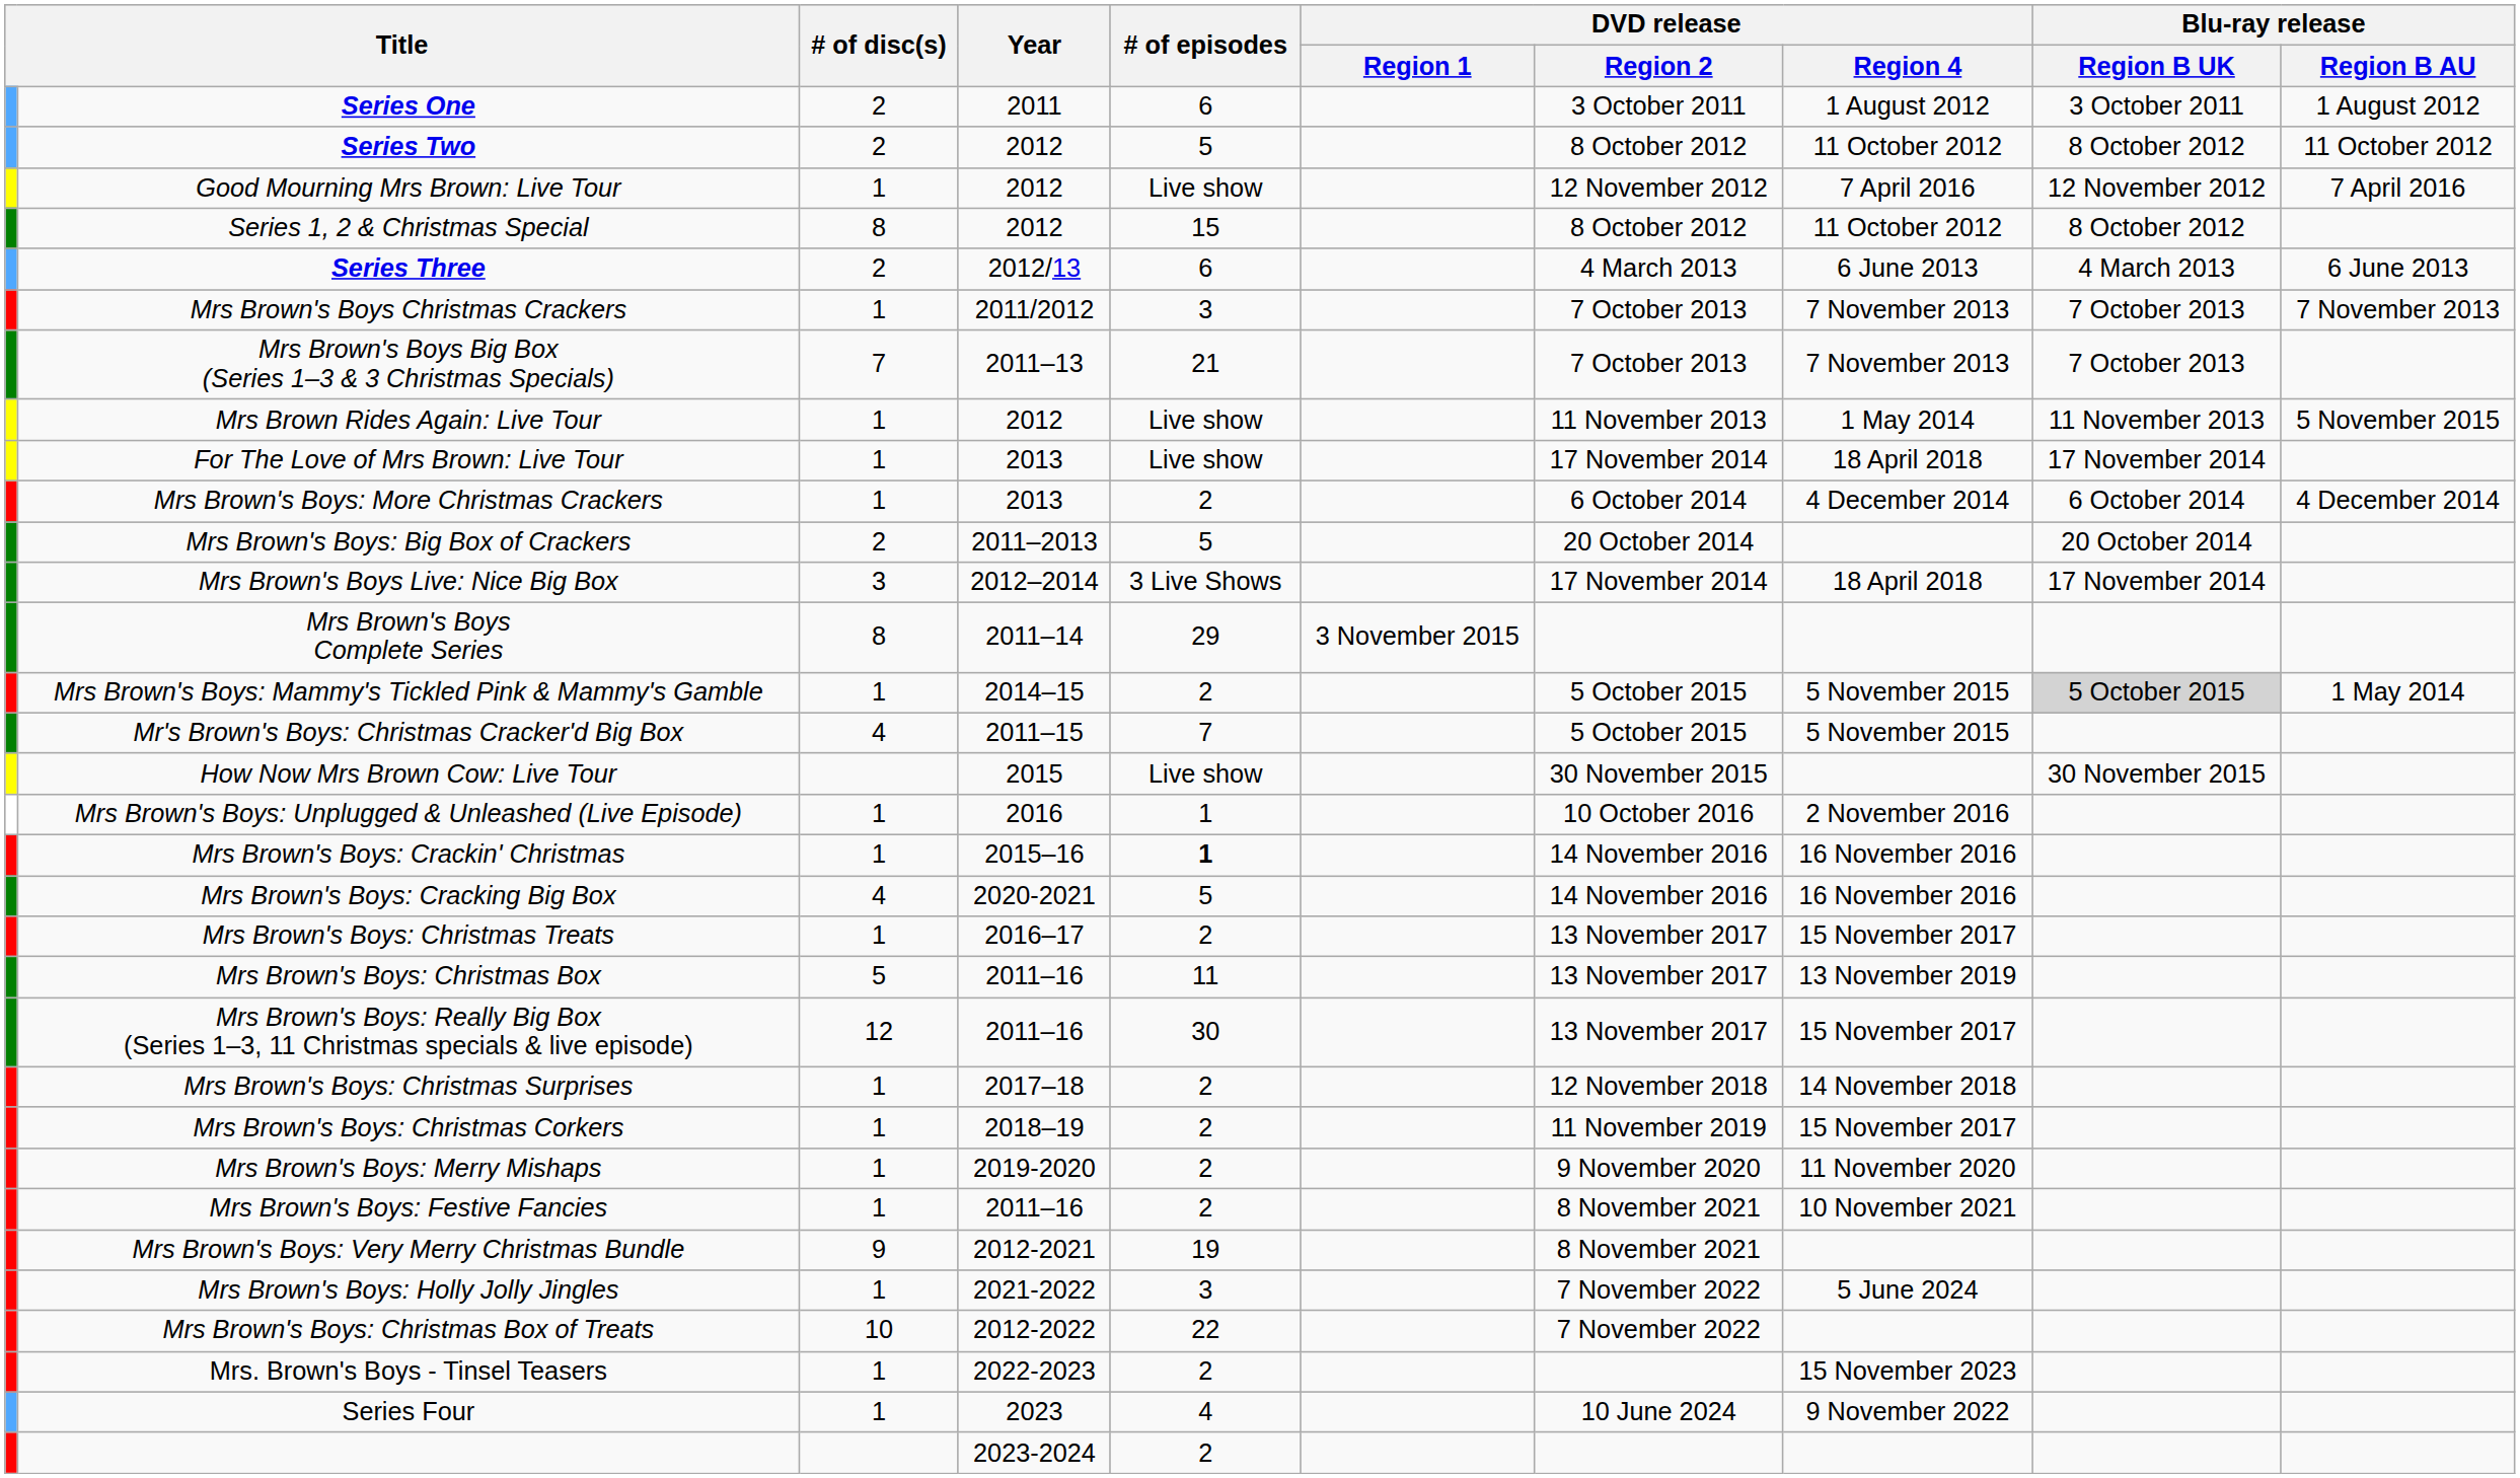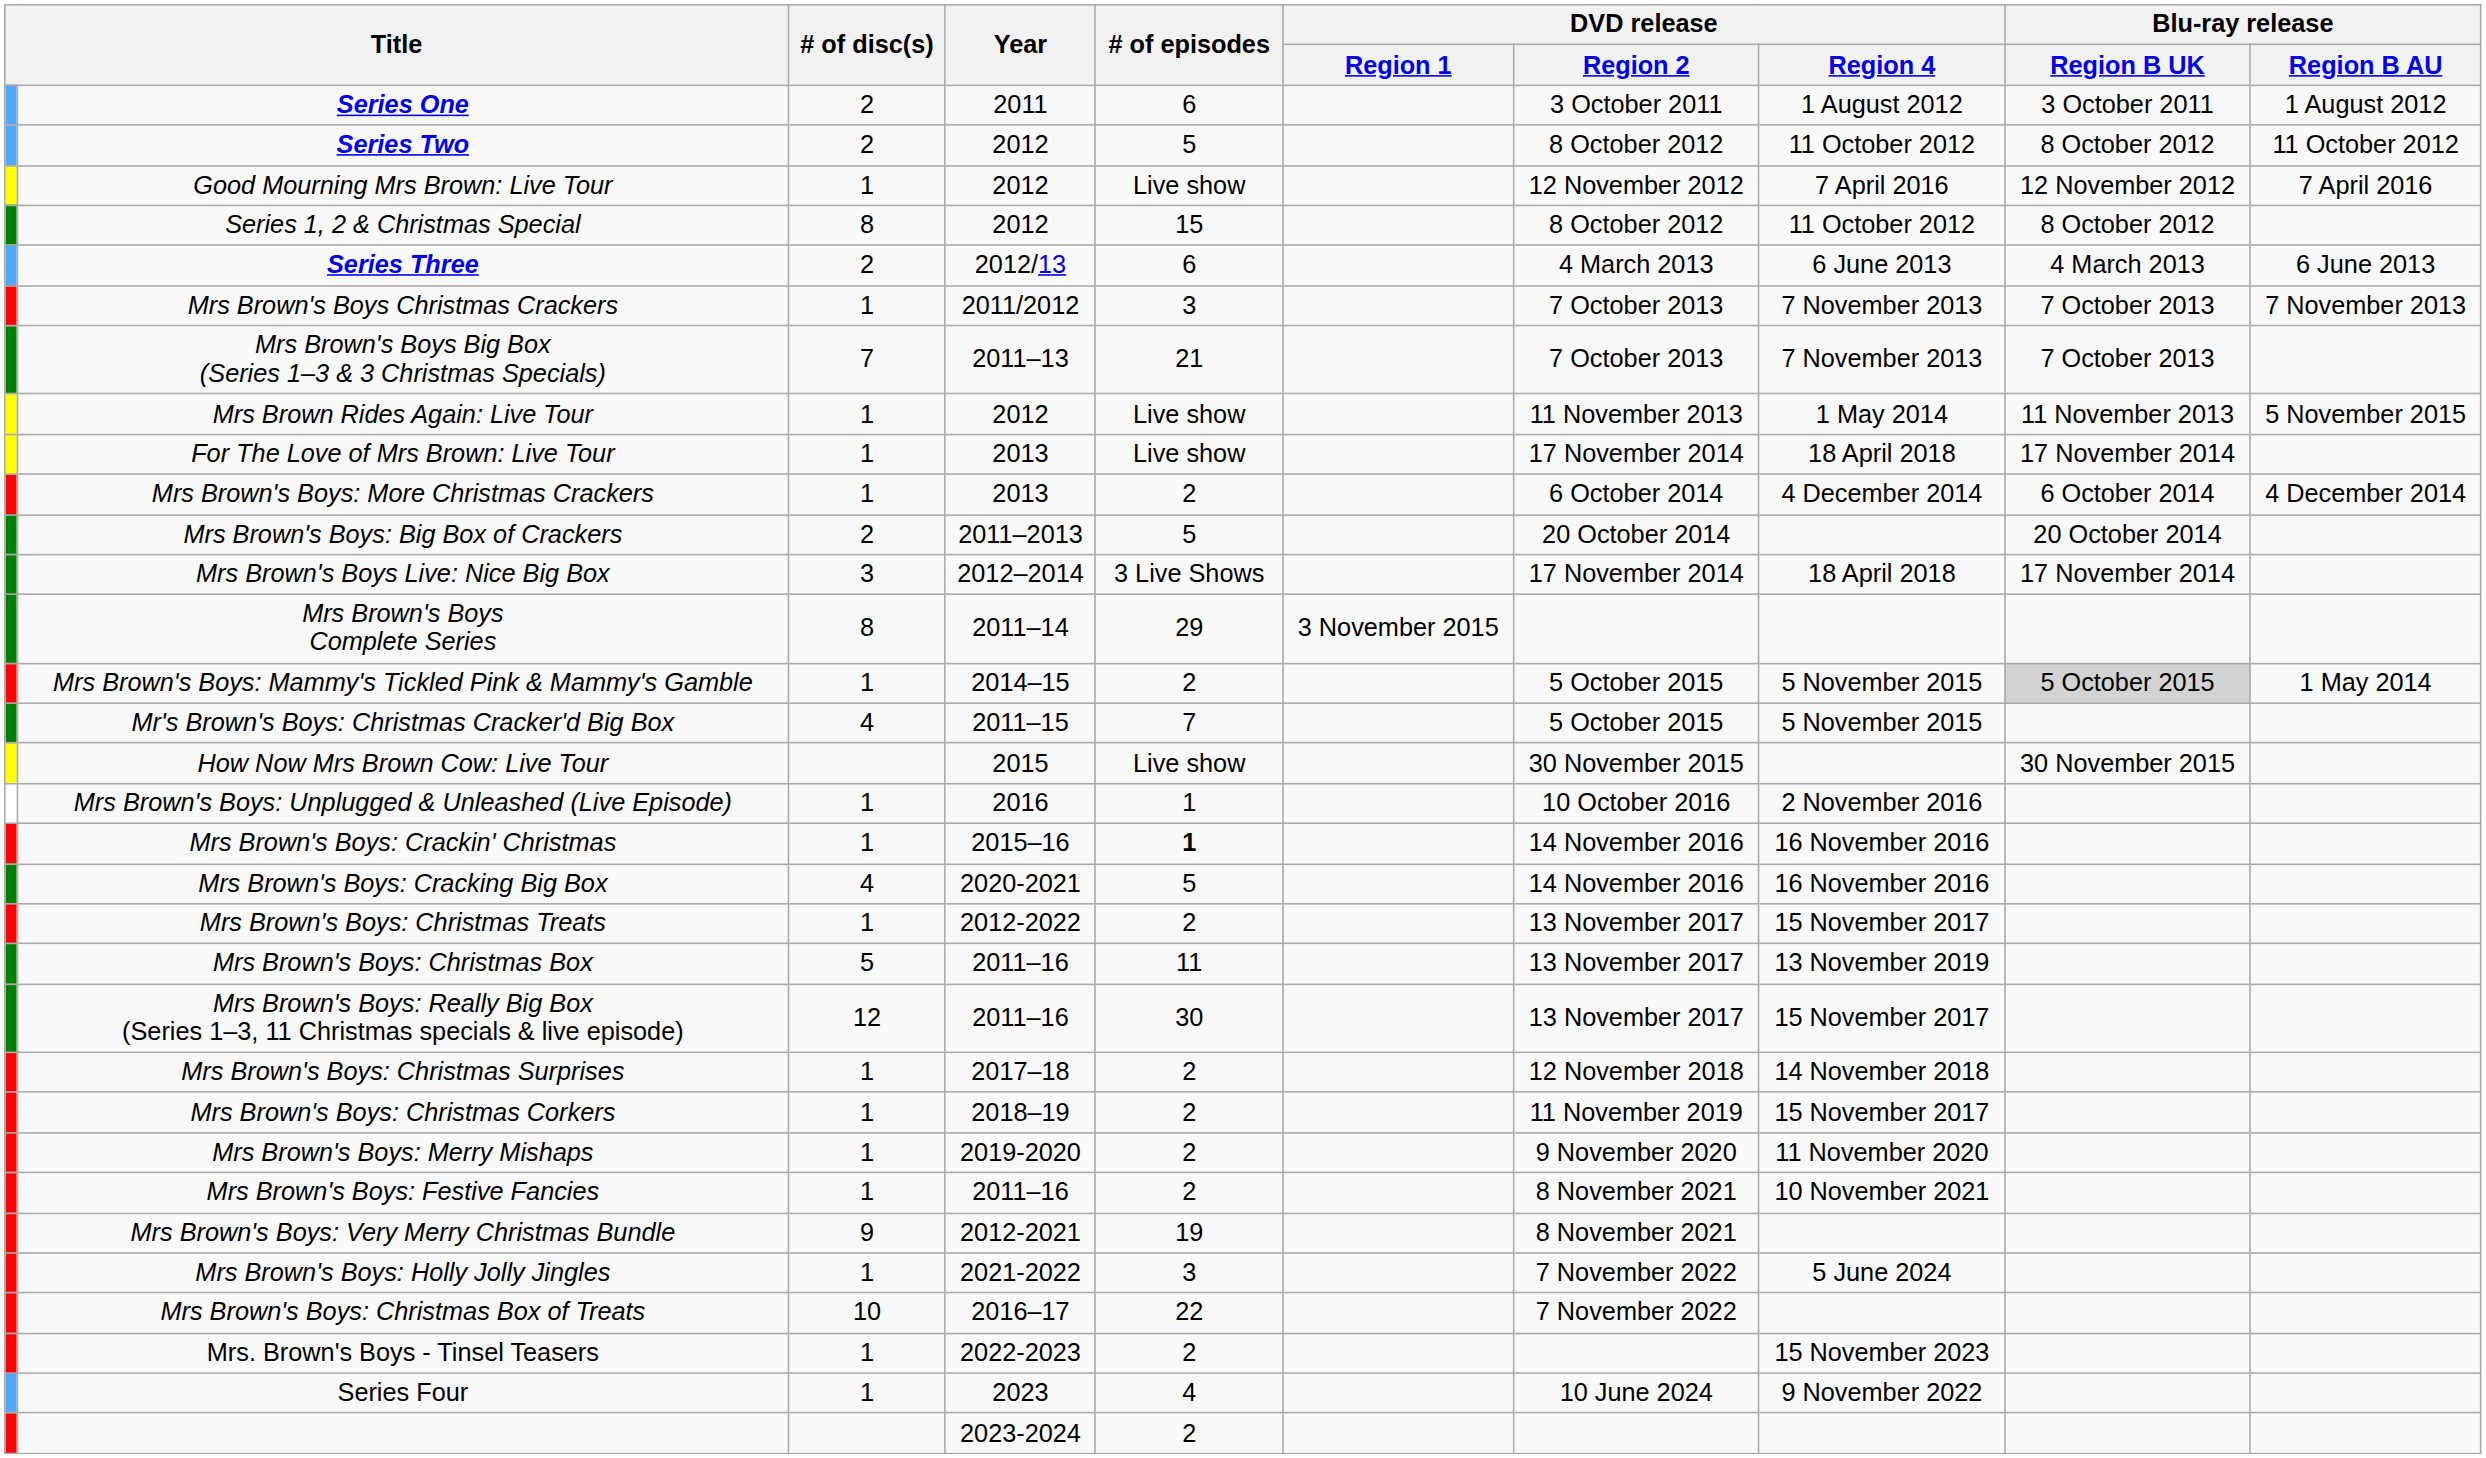 <table class="wikitable"  style="width:99%; left:0 auto; text-align:center;">
 <tr>
 <th colspan="2" rowspan="2">Title</th>
 <th rowspan="2"># of disc(s)</th>
 <th rowspan="2">Year</th>
 <th rowspan="2"># of episodes</th>
 <th colspan="3">DVD release</th>
 <th colspan="2">Blu-ray release</th>
 </tr>
 <tr>
 <th><a href='#'>Region 1</a></th>
 <th><a href='#'>Region 2</a></th>
 <th><a href='#'>Region 4</a></th>
 <th><a href='#'>Region B UK</a></th>
 <th><a href='#'>Region B AU</a></th>
 </tr>
 <tr>
 <td style="background:#4fa8ff;"></td>
 <td><strong><em><a href='#'>Series One</a></em></strong></td>
 <td>2</td>
 <td>2011</td>
 <td>6</td>
 <td></td>
 <td>3 October 2011</td>
 <td>1 August 2012</td>
 <td>3 October 2011</td>
 <td>1 August 2012</td>
 </tr>
 <tr>
 <td style="background:#4fa8ff;"></td>
 <td><strong><em><a href='#'>Series Two</a></em></strong></td>
 <td>2</td>
 <td>2012</td>
 <td>5</td>
 <td></td>
 <td>8 October 2012</td>
 <td>11 October 2012</td>
 <td>8 October 2012</td>
 <td>11 October 2012 </td>
 </tr>
 <tr>
 <td style="background:yellow;"></td>
 <td><em>Good Mourning Mrs Brown: Live Tour</em></td>
 <td>1</td>
 <td>2012</td>
 <td>Live show</td>
 <td></td>
 <td>12 November 2012</td>
 <td>7 April 2016</td>
 <td>12 November 2012</td>
 <td>7 April 2016</td>
 </tr>
 <tr>
 <td style="background:green;"></td>
 <td><em>Series 1, 2 & Christmas Special</em></td>
 <td>8</td>
 <td>2012</td>
 <td>15</td>
 <td></td>
 <td>8 October 2012</td>
 <td>11 October 2012</td>
 <td>8 October 2012</td>
 <td></td>
 </tr>
 <tr>
 <td style="background:#4fa8ff;"></td>
 <td><strong><em><a href='#'>Series Three</a></em></strong></td>
 <td>2</td>
 <td>2012/<a href='#'>13</a></td>
 <td>6</td>
 <td></td>
 <td>4 March 2013</td>
 <td>6 June 2013</td>
 <td>4 March 2013</td>
 <td>6 June 2013</td>
 </tr>
 <tr>
 <td style="background:red;"></td>
 <td><em>Mrs Brown's Boys Christmas Crackers</em></td>
 <td>1</td>
 <td>2011/2012</td>
 <td>3</td>
 <td></td>
 <td>7 October 2013</td>
 <td>7 November 2013</td>
 <td>7 October 2013</td>
 <td>7 November 2013</td>
 </tr>
 <tr>
 <td style="background:green;"></td>
 <td><em>Mrs Brown's Boys Big Box<br>(Series 1–3 & 3 Christmas Specials)</em></td>
 <td>7</td>
 <td>2011–13</td>
 <td>21</td>
 <td></td>
 <td>7 October 2013</td>
 <td>7 November 2013</td>
 <td>7 October 2013</td>
 <td></td>
 </tr>
 <tr>
 <td style="background:yellow;"></td>
 <td><em>Mrs Brown Rides Again: Live Tour</em></td>
 <td>1</td>
 <td>2012</td>
 <td>Live show</td>
 <td></td>
 <td>11 November 2013</td>
 <td>1 May 2014</td>
 <td>11 November 2013</td>
 <td>5 November 2015</td>
 </tr>
 <tr>
 <td style="background:yellow;"></td>
 <td><em>For The Love of Mrs Brown: Live Tour</em></td>
 <td>1</td>
 <td>2013</td>
 <td>Live show</td>
 <td></td>
 <td>17 November 2014</td>
 <td>18 April 2018</td>
 <td>17 November 2014</td>
 <td></td>
 </tr>
 <tr>
 <td style="background:red;"></td>
 <td><em>Mrs Brown's Boys: More Christmas Crackers</em></td>
 <td>1</td>
 <td>2013</td>
 <td>2</td>
 <td></td>
 <td>6 October 2014</td>
 <td>4 December 2014</td>
 <td>6 October 2014</td>
 <td>4 December 2014</td>
 </tr>
 <tr>
 <td style="background:green;"></td>
 <td><em>Mrs Brown's Boys: Big Box of Crackers</em></td>
 <td>2</td>
 <td>2011–2013</td>
 <td>5</td>
 <td></td>
 <td>20 October 2014</td>
 <td></td>
 <td>20 October 2014</td>
 <td></td>
 </tr>
 <tr>
 <td style="background:green;"></td>
 <td><em>Mrs Brown's Boys Live: Nice Big Box</em></td>
 <td>3</td>
 <td>2012–2014</td>
 <td>3 Live Shows</td>
 <td></td>
 <td>17 November 2014</td>
 <td>18 April 2018</td>
 <td>17 November 2014</td>
 <td></td>
 </tr>
 <tr>
 <td style="background:green;"></td>
 <td><em>Mrs Brown's Boys<br>Complete Series</em></td>
 <td>8</td>
 <td>2011–14</td>
 <td>29</td>
 <td>3 November 2015</td>
 <td></td>
 <td></td>
 <td></td>
 <td></td>
 </tr>
 <tr>
 <td style="background:red;"></td>
 <td><em>Mrs Brown's Boys: Mammy's Tickled Pink & Mammy's Gamble</em></td>
 <td>1</td>
 <td>2014–15</td>
 <td>2</td>
 <td></td>
 <td>5 October 2015</td>
 <td>5 November 2015</td>
 <td style="background: lightgrey;">5 October 2015</td>
 <td>1 May 2014</td>
 </tr>
 <tr>
 <td style="background:green;"></td>
 <td><em>Mr's Brown's Boys: Christmas Cracker'd Big Box</em></td>
 <td>4</td>
 <td>2011–15</td>
 <td>7</td>
 <td></td>
 <td>5 October 2015</td>
 <td>5 November 2015</td>
 <td></td>
 <td></td>
 </tr>
 <tr>
 <td style="background:yellow;"></td>
 <td><em>How Now Mrs Brown Cow: Live Tour</em></td>
 <td></td>
 <td>2015</td>
 <td>Live show</td>
 <td></td>
 <td>30 November 2015</td>
 <td></td>
 <td>30 November 2015</td>
 <td></td>
 </tr>
 <tr>
 <td style="background:white;"></td>
 <td><em>Mrs Brown's Boys: Unplugged & Unleashed (Live Episode)</em></td>
 <td>1</td>
 <td>2016</td>
 <td>1</td>
 <td></td>
 <td>10 October 2016</td>
 <td>2 November 2016</td>
 <td></td>
 <td></td>
 </tr>
 <tr>
 <td style="background:red;"></td>
 <td><em>Mrs Brown's Boys: Crackin' Christmas</em></td>
 <td>1</td>
 <td>2015–16</td>
 <td><strong>1</strong></td>
 <td></td>
 <td>14 November 2016</td>
 <td>16 November 2016</td>
 <td></td>
 <td></td>
 </tr>
 <tr>
 <td style="background:green;"></td>
 <td><em>Mrs Brown's Boys: Cracking Big Box</em></td>
 <td>4</td>
 <td>2020-2021</td>
 <td>5</td>
 <td></td>
 <td>14 November 2016</td>
 <td>16 November 2016</td>
 <td></td>
 <td></td>
 </tr>
 <tr>
 <td style="background:red;"></td>
 <td><em>Mrs Brown's Boys: Christmas Treats</em></td>
 <td>1</td>
-<td>2016–17</td>
+<td>2012-2022</td>
 <td>2</td>
 <td></td>
 <td>13 November 2017</td>
 <td>15 November 2017</td>
 <td></td>
 <td></td>
 </tr>
 <tr>
 <td style="background:green;"></td>
 <td><em>Mrs Brown's Boys: Christmas Box</em></td>
 <td>5</td>
 <td>2011–16</td>
 <td>11</td>
 <td></td>
 <td>13 November 2017</td>
 <td>13 November 2019</td>
 <td></td>
 <td></td>
 </tr>
 <tr>
 <td style="background:green;"></td>
 <td><em>Mrs Brown's Boys: Really Big Box</em><br>(Series 1–3, 11 Christmas specials & live episode)</td>
 <td>12</td>
 <td>2011–16</td>
 <td>30</td>
 <td></td>
 <td>13 November 2017</td>
 <td>15 November 2017</td>
 <td></td>
 <td></td>
 </tr>
 <tr>
 <td style="background:red;"></td>
 <td><em>Mrs Brown's Boys: Christmas Surprises</em></td>
 <td>1</td>
 <td>2017–18</td>
 <td>2</td>
 <td></td>
 <td>12 November 2018</td>
 <td>14 November 2018</td>
 <td></td>
 <td></td>
 </tr>
 <tr>
 <td style="background:red;"></td>
 <td><em>Mrs Brown's Boys: Christmas Corkers</em></td>
 <td>1</td>
 <td>2018–19</td>
 <td>2</td>
 <td></td>
 <td>11 November 2019</td>
 <td>15 November 2017</td>
 <td></td>
 <td></td>
 </tr>
 <tr>
 <td style="background:red;"></td>
 <td><em>Mrs Brown's Boys: Merry Mishaps</em></td>
 <td>1</td>
 <td>2019-2020</td>
 <td>2</td>
 <td></td>
 <td>9 November 2020</td>
 <td>11 November 2020</td>
 <td></td>
 <td></td>
 </tr>
 <tr>
 <td style="background:red;"></td>
 <td><em>Mrs Brown's Boys: Festive Fancies</em></td>
 <td>1</td>
 <td>2011–16</td>
 <td>2</td>
 <td></td>
 <td>8 November 2021</td>
 <td>10 November 2021</td>
 <td></td>
 <td></td>
 </tr>
 <tr>
 <td style="background:red;"></td>
 <td><em>Mrs Brown's Boys: Very Merry Christmas Bundle</em></td>
 <td>9</td>
 <td>2012-2021</td>
 <td>19</td>
 <td></td>
 <td>8 November 2021</td>
 <td></td>
 <td></td>
 <td></td>
 </tr>
 <tr>
 <td style="background:red;"></td>
 <td><em>Mrs Brown's Boys: Holly Jolly Jingles</em></td>
 <td>1</td>
 <td>2021-2022</td>
 <td>3</td>
 <td></td>
 <td>7 November 2022</td>
 <td>5 June 2024</td>
 <td></td>
 <td></td>
 </tr>
 <tr>
 <td style="background:red;"></td>
 <td><em>Mrs Brown's Boys: Christmas Box of Treats</em></td>
 <td>10</td>
-<td>2012-2022</td>
+<td>2016–17</td>
 <td>22</td>
 <td></td>
 <td>7 November 2022</td>
 <td></td>
 <td></td>
 <td></td>
 </tr>
 <tr>
 <td style="background:red;"></td>
 <td>Mrs. Brown's Boys - Tinsel Teasers</td>
 <td>1</td>
 <td>2022-2023</td>
 <td>2</td>
 <td></td>
 <td></td>
 <td>15 November 2023</td>
 <td></td>
 <td></td>
 </tr>
 <tr>
 <td style="background:#4fa8ff;"></td>
 <td>Series Four</td>
 <td>1</td>
 <td>2023</td>
 <td>4</td>
 <td></td>
 <td>10 June 2024</td>
 <td>9 November 2022</td>
 <td></td>
 <td></td>
 </tr>
 <tr>
 <td style="background:red;"></td>
 <td></td>
 <td></td>
 <td>2023-2024</td>
 <td>2</td>
 <td></td>
 <td></td>
 <td></td>
 <td></td>
 <td></td>
 </tr>
 </table>
